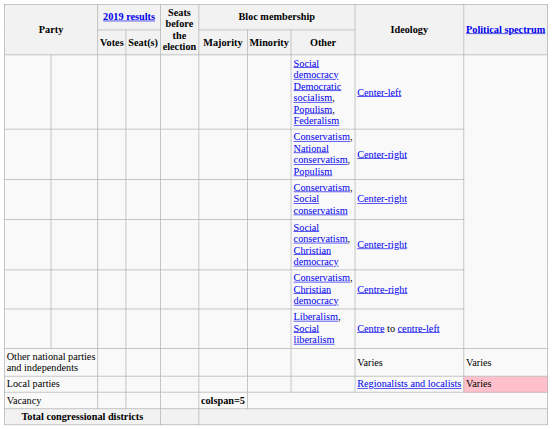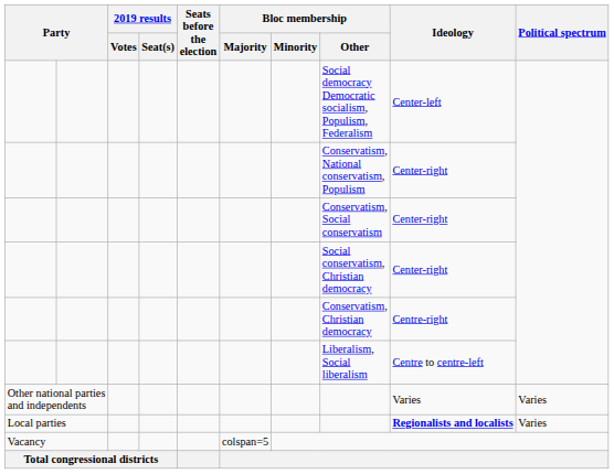 <table class="wikitable" style="text-align:center">
 <tr>
 <th colspan="2" rowspan="2">Party</th>
 <th colspan="2" width="50px"><a href='#'>2019 results</a></th>
 <th rowspan="2" width="50px">Seats before the election</th>
 <th colspan="3">Bloc membership</th>
 <th rowspan="2">Ideology</th>
 <th rowspan="2"><a href='#'>Political spectrum</a></th>
 </tr>
 <tr>
 <th>Votes</th>
 <th>Seat(s)</th>
 <th width=50px>Majority</th>
 <th width=50px>Minority</th>
 <th width=50px>Other</th>
 </tr>
 <tr>
 <td></td>
 <td></td>
 <td></td>
 <td></td>
 <td></td>
 <td></td>
 <td></td>
 <td align=left><a href='#'>Social democracy</a> <a href='#'>Democratic socialism</a>, <a href='#'>Populism</a>, <a href='#'>Federalism</a></td>
 <td align=left><a href='#'>Center-left</a> </td>
 </tr>
 <tr>
 <td></td>
 <td></td>
 <td></td>
 <td></td>
 <td></td>
 <td></td>
 <td></td>
 <td align=left><a href='#'>Conservatism</a>, <a href='#'>National conservatism</a>, <a href='#'>Populism</a></td>
 <td align=left><a href='#'>Center-right</a></td>
 </tr>
 <tr>
 <td></td>
 <td></td>
 <td></td>
 <td></td>
 <td></td>
 <td></td>
 <td></td>
 <td align=left><a href='#'>Conservatism</a>, <a href='#'>Social conservatism</a></td>
 <td align=left><a href='#'>Center-right</a></td>
 </tr>
 <tr>
 <td></td>
 <td></td>
 <td></td>
 <td></td>
 <td></td>
 <td></td>
 <td></td>
 <td align=left><a href='#'>Social conservatism</a>, <a href='#'>Christian democracy</a></td>
 <td align=left><a href='#'>Center-right</a> </td>
 </tr>
 <tr>
 <td></td>
 <td></td>
 <td></td>
 <td></td>
 <td></td>
 <td></td>
 <td></td>
 <td align=left><a href='#'>Conservatism</a>, <a href='#'>Christian democracy</a></td>
 <td align=left><a href='#'>Centre-right</a></td>
 </tr>
 <tr>
 <td></td>
 <td></td>
 <td></td>
 <td></td>
 <td></td>
 <td></td>
 <td></td>
 <td align=left><a href='#'>Liberalism</a>, <a href='#'>Social liberalism</a></td>
 <td align=left><a href='#'>Centre</a> to <a href='#'>centre-left</a></td>
 </tr>
 <tr>
 <td colspan=2 align=left>Other national parties<br>and independents</td>
 <td></td>
 <td></td>
 <td></td>
 <td></td>
 <td></td>
 <td></td>
 <td align=left>Varies</td>
 <td align=left>Varies</td>
 </tr>
 <tr>
 <td colspan=2 align="left">Local parties</td>
 <td></td>
 <td></td>
 <td></td>
 <td></td>
 <td></td>
 <td></td>
-<td align=left><a href='#'>Regionalists and localists</a></td>
-<td align=left style="background: pink;">Varies</td>
+<td align=left><strong><a href='#'>Regionalists and localists</a></strong></td>
+<td align=left>Varies</td>
 </tr>
 <tr>
 <td colspan=2 align="left">Vacancy</td>
 <td></td>
 <td></td>
 <td></td>
-<td><strong>colspan=5 </strong></td>
+<td>colspan=5 </td>
 </tr>
 <tr>
 <th colspan=4>Total congressional districts</th>
 <th></th>
 <th colspan=5></th>
 </tr>
 </table>
